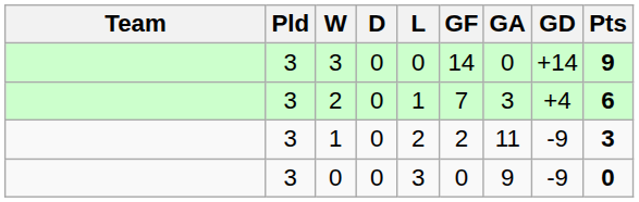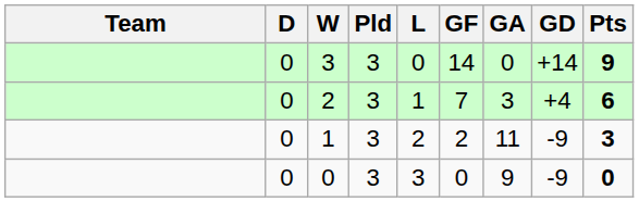 <table class="wikitable" style="text-align: center;">
 <tr>
 <th width=165>Team</th>
+<th width=20>D</th>
+<th width=20>W</th>
 <th width=20>Pld</th>
-<th width=20>W</th>
-<th width=20>D</th>
 <th width=20>L</th>
 <th width=20>GF</th>
 <th width=20>GA</th>
 <th width=20>GD</th>
 <th width=20>Pts</th>
 </tr>
 <tr bgcolor=ccffcc>
 <td align="left"></td>
+<td>0</td>
 <td>3</td>
 <td>3</td>
-<td>0</td>
 <td>0</td>
 <td>14</td>
 <td>0</td>
 <td>+14</td>
 <td><strong>9</strong></td>
 </tr>
 <tr bgcolor=ccffcc>
 <td align="left"></td>
+<td>0</td>
+<td>2</td>
 <td>3</td>
-<td>2</td>
-<td>0</td>
 <td>1</td>
 <td>7</td>
 <td>3</td>
 <td>+4</td>
 <td><strong>6</strong></td>
 </tr>
 <tr>
 <td align="left"></td>
+<td>0</td>
+<td>1</td>
 <td>3</td>
-<td>1</td>
-<td>0</td>
 <td>2</td>
 <td>2</td>
 <td>11</td>
 <td>-9</td>
 <td><strong>3</strong></td>
 </tr>
 <tr>
 <td align="left"></td>
-<td>3</td>
 <td>0</td>
 <td>0</td>
+<td>3</td>
 <td>3</td>
 <td>0</td>
 <td>9</td>
 <td>-9</td>
 <td><strong>0</strong></td>
 </tr>
 </table>
